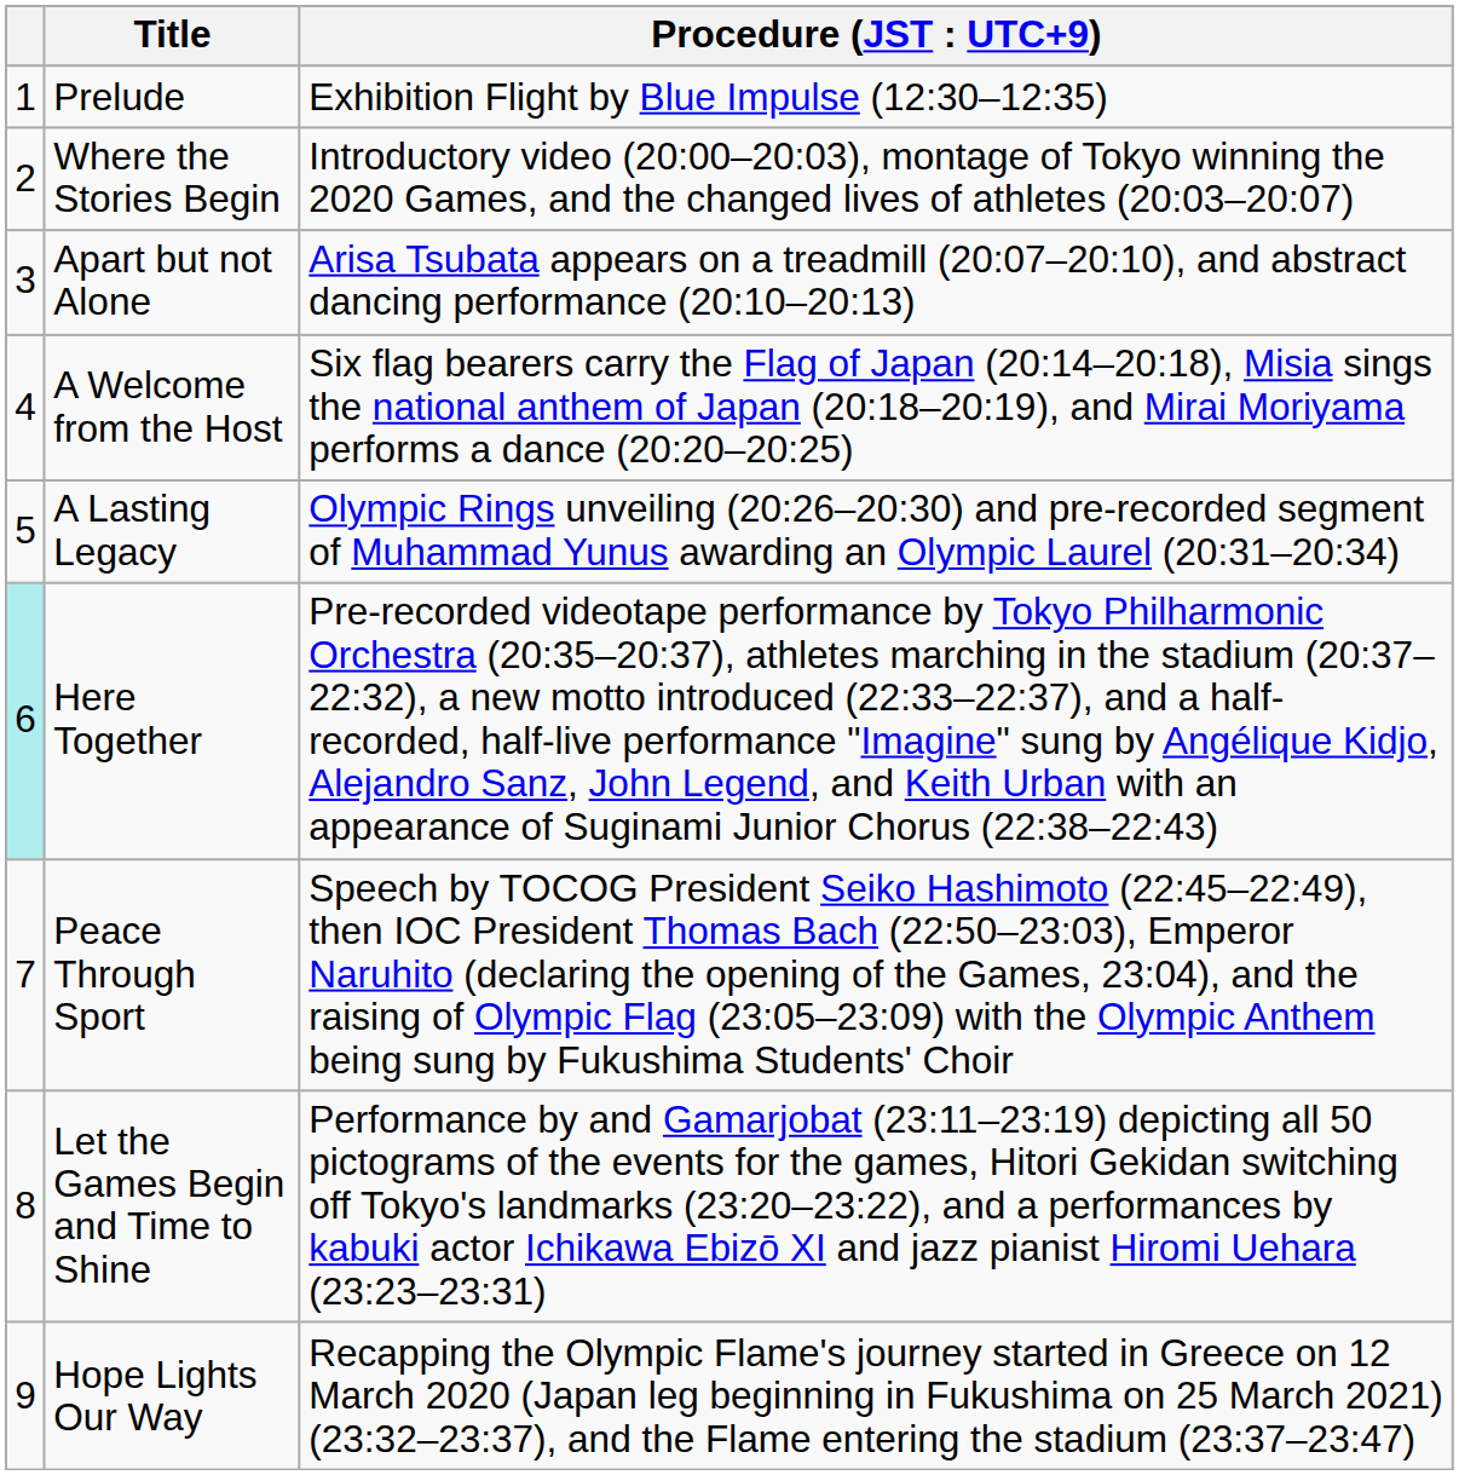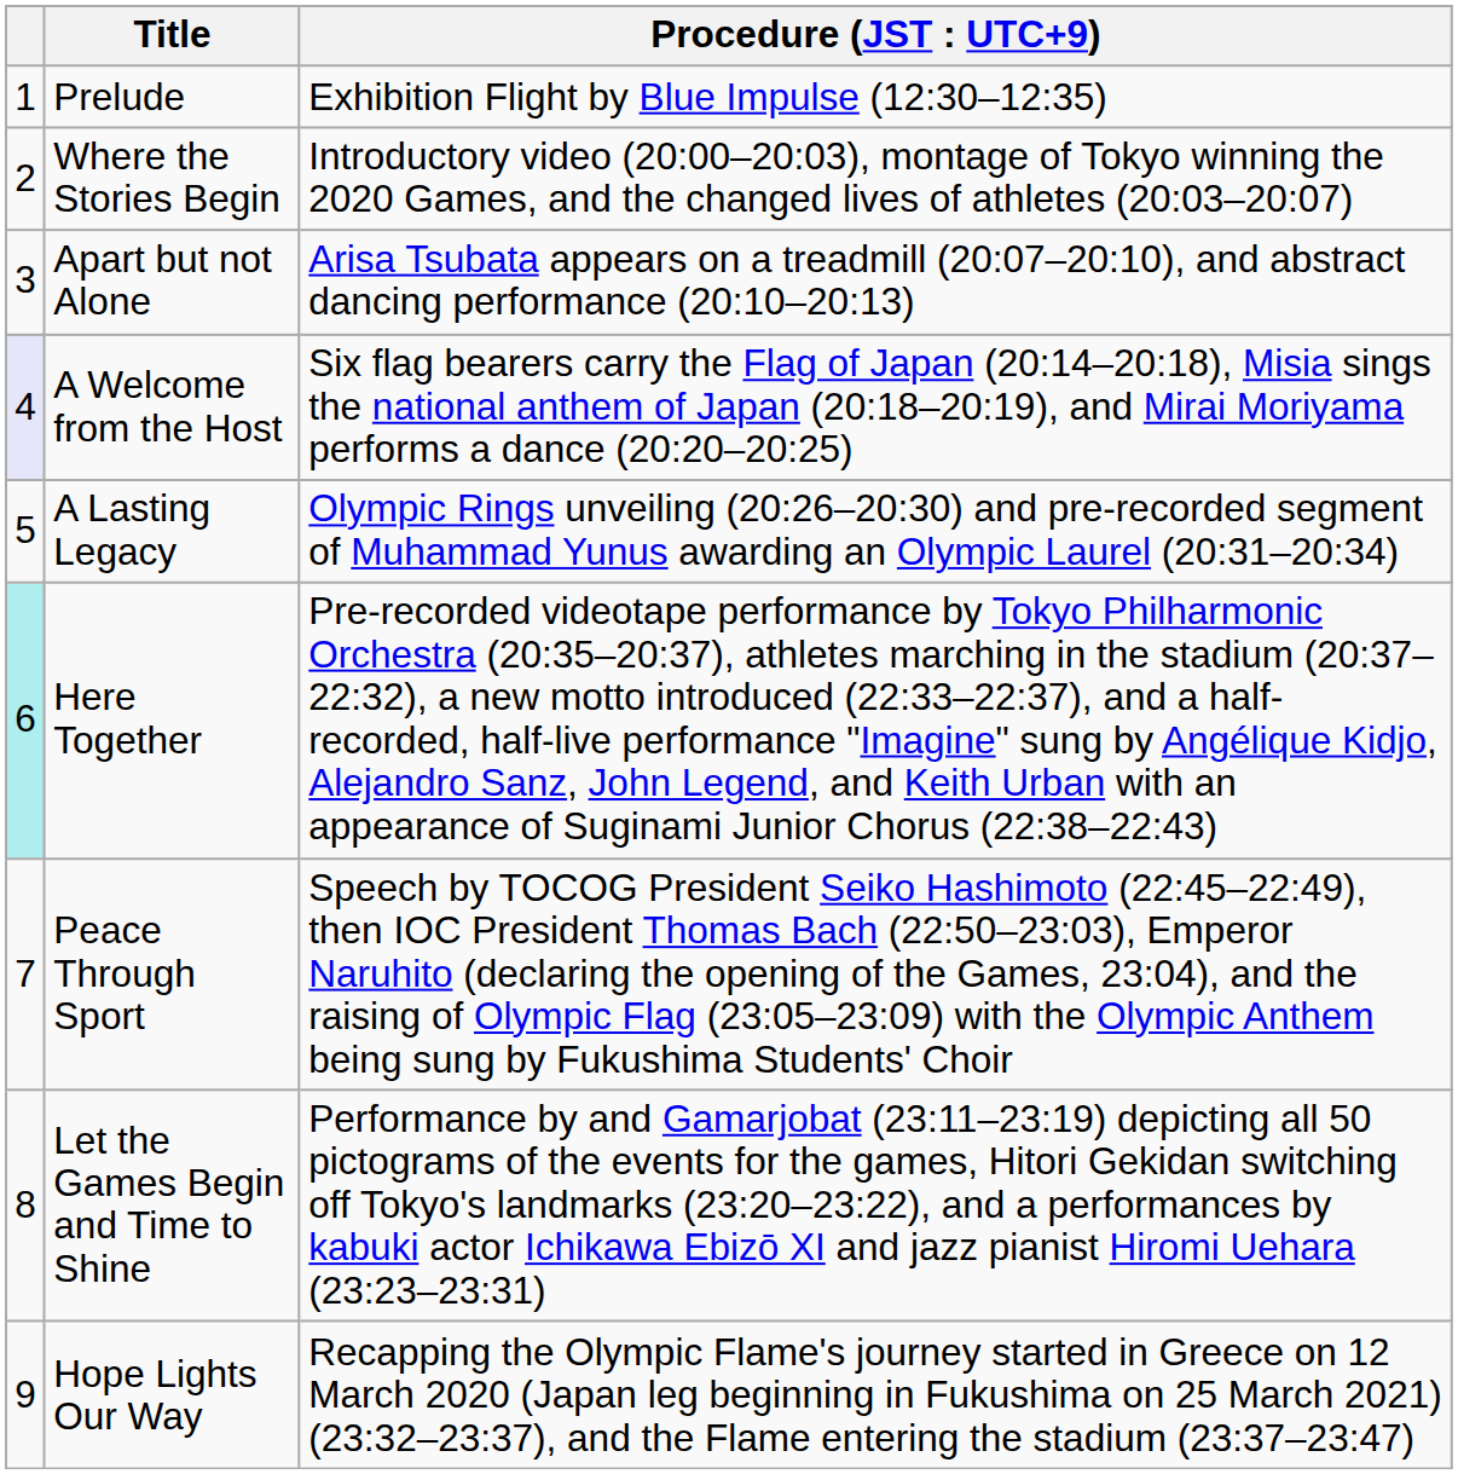 <table class="wikitable">
 <tr>
 <th></th>
 <th>Title</th>
 <th>Procedure (<a href='#'>JST</a> : <a href='#'>UTC+9</a>)</th>
 </tr>
 <tr>
 <td>1</td>
 <td>Prelude</td>
 <td>Exhibition Flight by <a href='#'>Blue Impulse</a> (12:30–12:35)</td>
 </tr>
 <tr>
 <td>2</td>
 <td>Where the Stories Begin</td>
 <td>Introductory video (20:00–20:03), montage of Tokyo winning the 2020 Games, and the changed lives of athletes (20:03–20:07)</td>
 </tr>
 <tr>
 <td>3</td>
 <td>Apart but not Alone</td>
 <td><a href='#'>Arisa Tsubata</a> appears on a treadmill (20:07–20:10), and abstract dancing performance (20:10–20:13)</td>
 </tr>
 <tr>
-<td>4</td>
+<td style="background: lavender;">4</td>
 <td>A Welcome from the Host</td>
 <td>Six flag bearers carry the <a href='#'>Flag of Japan</a> (20:14–20:18), <a href='#'>Misia</a> sings the <a href='#'>national anthem of Japan</a> (20:18–20:19), and <a href='#'>Mirai Moriyama</a> performs a  dance (20:20–20:25)</td>
 </tr>
 <tr>
 <td>5</td>
 <td>A Lasting Legacy</td>
 <td><a href='#'>Olympic Rings</a> unveiling (20:26–20:30) and pre-recorded segment of <a href='#'>Muhammad Yunus</a> awarding an <a href='#'>Olympic Laurel</a> (20:31–20:34)</td>
 </tr>
 <tr>
 <td style="background: paleturquoise;">6</td>
 <td>Here Together</td>
 <td>Pre-recorded videotape performance by <a href='#'>Tokyo Philharmonic Orchestra</a> (20:35–20:37), athletes marching in the stadium (20:37–22:32), a new motto introduced (22:33–22:37), and a half-recorded, half-live performance "<a href='#'>Imagine</a>" sung by <a href='#'>Angélique Kidjo</a>, <a href='#'>Alejandro Sanz</a>, <a href='#'>John Legend</a>, and <a href='#'>Keith Urban</a> with an appearance of Suginami Junior Chorus (22:38–22:43)</td>
 </tr>
 <tr>
 <td>7</td>
 <td>Peace Through Sport</td>
 <td>Speech by TOCOG President <a href='#'>Seiko Hashimoto</a> (22:45–22:49), then IOC President <a href='#'>Thomas Bach</a> (22:50–23:03), Emperor <a href='#'>Naruhito</a> (declaring the opening of the Games, 23:04), and the raising of <a href='#'>Olympic Flag</a> (23:05–23:09) with the <a href='#'>Olympic Anthem</a> being sung by Fukushima Students' Choir</td>
 </tr>
 <tr>
 <td>8</td>
 <td>Let the Games Begin and Time to Shine</td>
 <td>Performance by  and <a href='#'>Gamarjobat</a> (23:11–23:19) depicting all 50 pictograms of the events for the games, Hitori Gekidan switching off Tokyo's landmarks (23:20–23:22), and a performances by <a href='#'>kabuki</a> actor <a href='#'>Ichikawa Ebizō XI</a> and jazz pianist <a href='#'>Hiromi Uehara</a> (23:23–23:31)</td>
 </tr>
 <tr>
 <td>9</td>
 <td>Hope Lights Our Way</td>
 <td>Recapping the Olympic Flame's journey started in Greece on 12 March 2020 (Japan leg beginning in Fukushima on 25 March 2021) (23:32–23:37), and the Flame entering the stadium (23:37–23:47)</td>
 </tr>
 </table>
